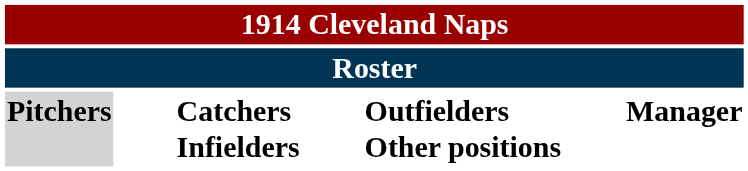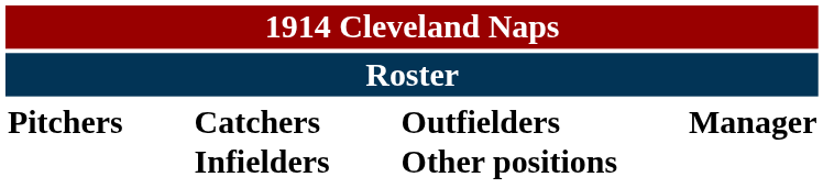 <table class="toccolours" style="font-size: 95%;">
 <tr>
 <th colspan="10" style="background-color: #990000; color: white; text-align: center;">1914 Cleveland Naps</th>
 </tr>
 <tr>
 <td colspan="10" style="background-color: #023456; color: white; text-align: center;"><strong>Roster</strong></td>
 </tr>
 <tr>
-<td valign="top" style="background: lightgrey;"><strong>Pitchers</strong><br>                  </td>
+<td valign="top"><strong>Pitchers</strong><br>                  </td>
 <td width="25px"></td>
 <td valign="top"><strong>Catchers</strong><br>      <strong>Infielders</strong>            </td>
 <td width="25px"></td>
 <td valign="top"><strong>Outfielders</strong><br>         <strong>Other positions</strong> </td>
 <td width="25px"></td>
 <td valign="top"><strong>Manager</strong><br></td>
 </tr>
 </table>
